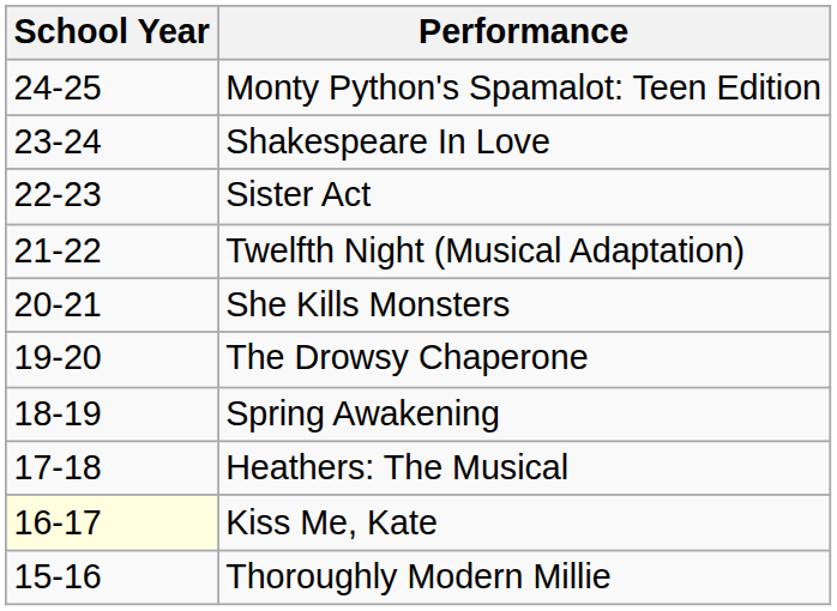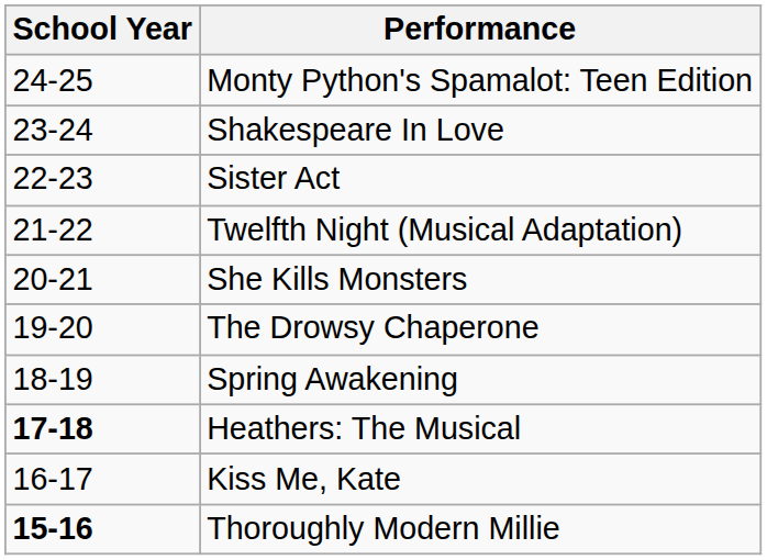 <table class="wikitable">
 <tr>
 <th>School Year</th>
 <th>Performance</th>
 </tr>
 <tr>
 <td>24-25</td>
 <td>Monty Python's Spamalot: Teen Edition</td>
 </tr>
 <tr>
 <td>23-24</td>
 <td>Shakespeare In Love</td>
 </tr>
 <tr>
 <td>22-23</td>
 <td>Sister Act</td>
 </tr>
 <tr>
 <td>21-22</td>
 <td>Twelfth Night (Musical Adaptation)</td>
 </tr>
 <tr>
 <td>20-21</td>
 <td>She Kills Monsters</td>
 </tr>
 <tr>
 <td>19-20</td>
 <td>The Drowsy Chaperone</td>
 </tr>
 <tr>
 <td>18-19</td>
 <td>Spring Awakening</td>
 </tr>
 <tr>
-<td>17-18</td>
+<td><strong>17-18</strong></td>
 <td>Heathers: The Musical</td>
 </tr>
 <tr>
-<td style="background: lightyellow;">16-17</td>
+<td>16-17</td>
 <td>Kiss Me, Kate</td>
 </tr>
 <tr>
-<td>15-16</td>
+<td><strong>15-16</strong></td>
 <td>Thoroughly Modern Millie</td>
 </tr>
 </table>
